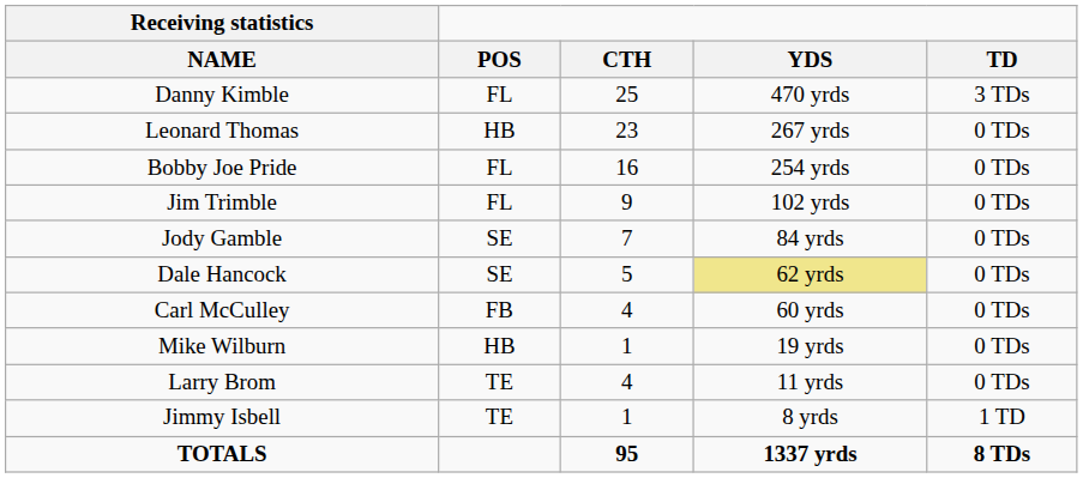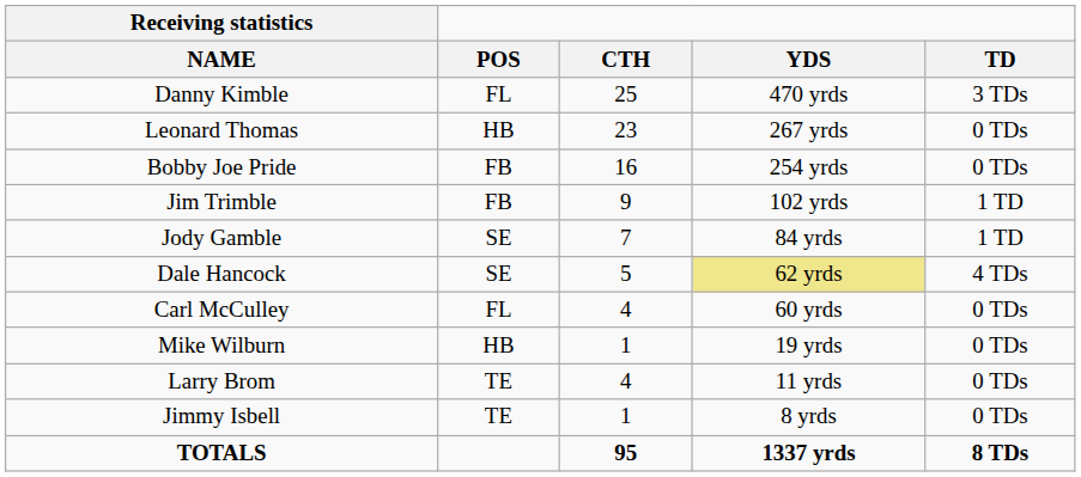 <table style="width:60%; text-align:center;" class="wikitable ">
 <tr>
 <th style="text-align:center; ">Receiving statistics</th>
 </tr>
 <tr>
 <th>NAME</th>
 <th>POS</th>
 <th>CTH</th>
 <th>YDS</th>
 <th>TD</th>
 </tr>
 <tr>
 <td>Danny Kimble</td>
 <td>FL</td>
 <td>25</td>
 <td>470 yrds</td>
 <td>3 TDs</td>
 </tr>
 <tr>
 <td>Leonard Thomas</td>
 <td>HB</td>
 <td>23</td>
 <td>267 yrds</td>
 <td>0 TDs</td>
 </tr>
 <tr>
 <td>Bobby Joe Pride</td>
-<td>FL</td>
+<td>FB</td>
 <td>16</td>
 <td>254 yrds</td>
 <td>0 TDs</td>
 </tr>
 <tr>
 <td>Jim Trimble</td>
-<td>FL</td>
+<td>FB</td>
 <td>9</td>
 <td>102 yrds</td>
-<td>0 TDs</td>
+<td>1 TD</td>
 </tr>
 <tr>
 <td>Jody Gamble</td>
 <td>SE</td>
 <td>7</td>
 <td>84 yrds</td>
-<td>0 TDs</td>
+<td>1 TD</td>
 </tr>
 <tr>
 <td>Dale Hancock</td>
 <td>SE</td>
 <td>5</td>
 <td style="background: khaki;">62 yrds</td>
-<td>0 TDs</td>
+<td>4 TDs</td>
 </tr>
 <tr>
 <td>Carl McCulley</td>
-<td>FB</td>
+<td>FL</td>
 <td>4</td>
 <td>60 yrds</td>
 <td>0 TDs</td>
 </tr>
 <tr>
 <td>Mike Wilburn</td>
 <td>HB</td>
 <td>1</td>
 <td>19 yrds</td>
 <td>0 TDs</td>
 </tr>
 <tr>
 <td>Larry Brom</td>
 <td>TE</td>
 <td>4</td>
 <td>11 yrds</td>
 <td>0 TDs</td>
 </tr>
 <tr>
 <td>Jimmy Isbell</td>
 <td>TE</td>
 <td>1</td>
 <td>8 yrds</td>
-<td>1 TD</td>
+<td>0 TDs</td>
 </tr>
 <tr>
 <td><strong>TOTALS</strong></td>
 <td></td>
 <td><strong>95</strong></td>
 <td><strong>1337 yrds</strong></td>
 <td><strong>8 TDs</strong></td>
 </tr>
 </table>
